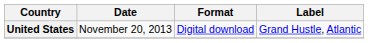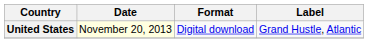 <table class="wikitable plainrowheaders">
 <tr>
 <th scope="col">Country</th>
 <th scope="col">Date</th>
 <th scope="col">Format</th>
 <th scope="col">Label</th>
 </tr>
 <tr>
 <th scope="row">United States</th>
-<td>November 20, 2013</td>
+<td style="background: lightyellow;">November 20, 2013</td>
 <td><a href='#'>Digital download</a></td>
 <td><a href='#'>Grand Hustle</a>, <a href='#'>Atlantic</a></td>
 </tr>
 <tr>
 </tr>
 </table>
